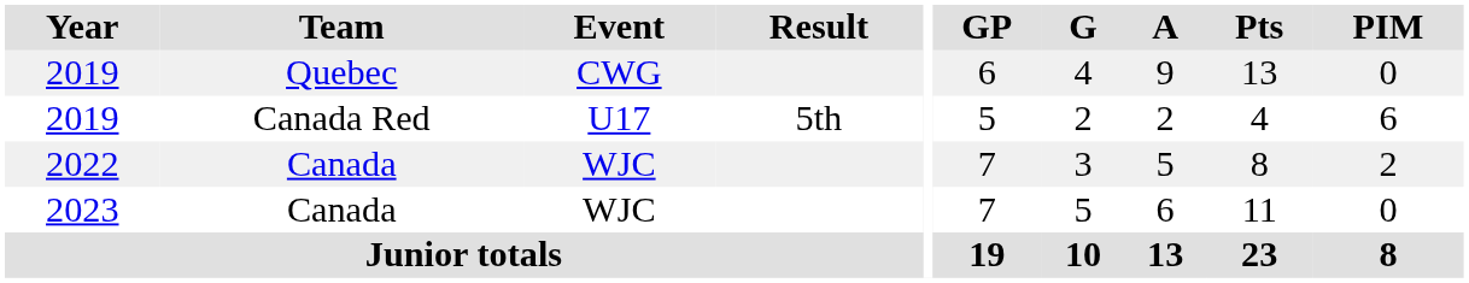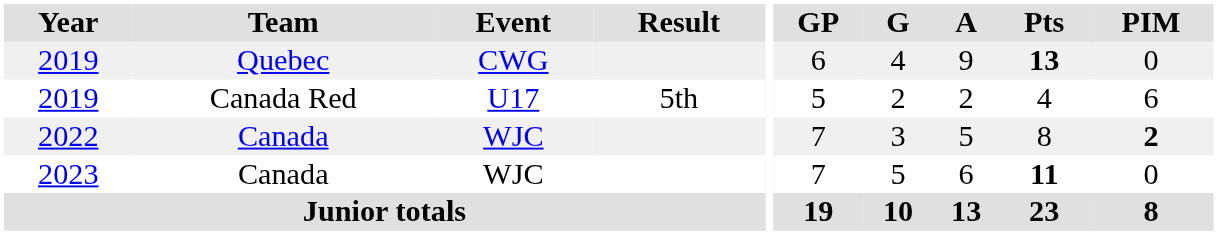 <table border="0" cellpadding="1" cellspacing="0" ID="Table3" style="text-align:center; width:40em">
 <tr bgcolor="#e0e0e0">
 <th>Year</th>
 <th>Team</th>
 <th>Event</th>
 <th>Result</th>
 <th rowspan="102" bgcolor="#ffffff"></th>
 <th>GP</th>
 <th>G</th>
 <th>A</th>
 <th>Pts</th>
 <th>PIM</th>
 </tr>
 <tr bgcolor="#f0f0f0">
 <td><a href='#'>2019</a></td>
 <td><a href='#'>Quebec</a></td>
 <td><a href='#'>CWG</a></td>
 <td></td>
 <td>6</td>
 <td>4</td>
 <td>9</td>
-<td>13</td>
+<td><strong>13</strong></td>
 <td>0</td>
 </tr>
 <tr>
 <td><a href='#'>2019</a></td>
 <td>Canada Red</td>
 <td><a href='#'>U17</a></td>
 <td>5th</td>
 <td>5</td>
 <td>2</td>
 <td>2</td>
 <td>4</td>
 <td>6</td>
 </tr>
 <tr bgcolor="#f0f0f0">
 <td><a href='#'>2022</a></td>
 <td><a href='#'>Canada</a></td>
 <td><a href='#'>WJC</a></td>
 <td></td>
 <td>7</td>
 <td>3</td>
 <td>5</td>
 <td>8</td>
-<td>2</td>
+<td><strong>2</strong></td>
 </tr>
 <tr>
 <td><a href='#'>2023</a></td>
 <td>Canada</td>
 <td>WJC</td>
 <td></td>
 <td>7</td>
 <td>5</td>
 <td>6</td>
-<td>11</td>
+<td><strong>11</strong></td>
 <td>0</td>
 </tr>
 <tr bgcolor="#e0e0e0">
 <th colspan="4">Junior totals</th>
 <th>19</th>
 <th>10</th>
 <th>13</th>
 <th>23</th>
 <th>8</th>
 </tr>
 </table>
